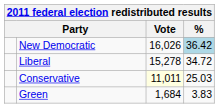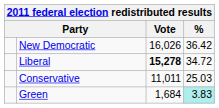 <table class="wikitable">
 <tr>
 <th colspan="4"><a href='#'>2011 federal election</a> redistributed results</th>
 </tr>
 <tr>
 <th bgcolor="#DDDDFF" width="130px" colspan="2">Party</th>
 <th bgcolor="#DDDDFF" width="50px">Vote</th>
 <th bgcolor="#DDDDFF" width="30px">%</th>
 </tr>
 <tr>
 <td> </td>
 <td><a href='#'>New Democratic</a></td>
 <td align=right>16,026</td>
-<td align=right style="background: lightblue;">36.42</td>
+<td align=right>36.42</td>
 </tr>
 <tr>
 <td> </td>
 <td><a href='#'>Liberal</a></td>
-<td align=right>15,278</td>
+<td align=right><strong>15,278</strong></td>
 <td align=right>34.72</td>
 </tr>
 <tr>
 <td> </td>
 <td><a href='#'>Conservative</a></td>
-<td align=right style="background: lightyellow;">11,011</td>
+<td align=right>11,011</td>
 <td align=right>25.03</td>
 </tr>
 <tr>
 <td> </td>
 <td><a href='#'>Green</a></td>
 <td align=right>1,684</td>
-<td align=right>3.83</td>
+<td align=right style="background: paleturquoise;">3.83</td>
 </tr>
 </table>
